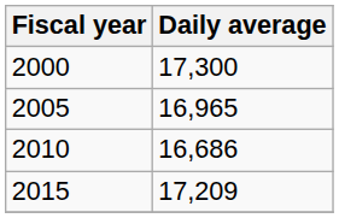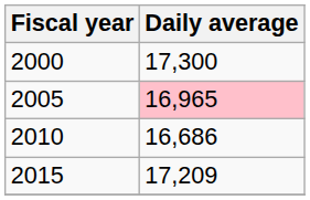 <table class="wikitable">
 <tr>
 <th>Fiscal year</th>
 <th>Daily average</th>
 </tr>
 <tr>
 <td>2000</td>
 <td>17,300</td>
 </tr>
 <tr>
 <td>2005</td>
-<td>16,965</td>
+<td style="background: pink;">16,965</td>
 </tr>
 <tr>
 <td>2010</td>
 <td>16,686</td>
 </tr>
 <tr>
 <td>2015</td>
 <td>17,209</td>
 </tr>
 <tr>
 </tr>
 </table>
